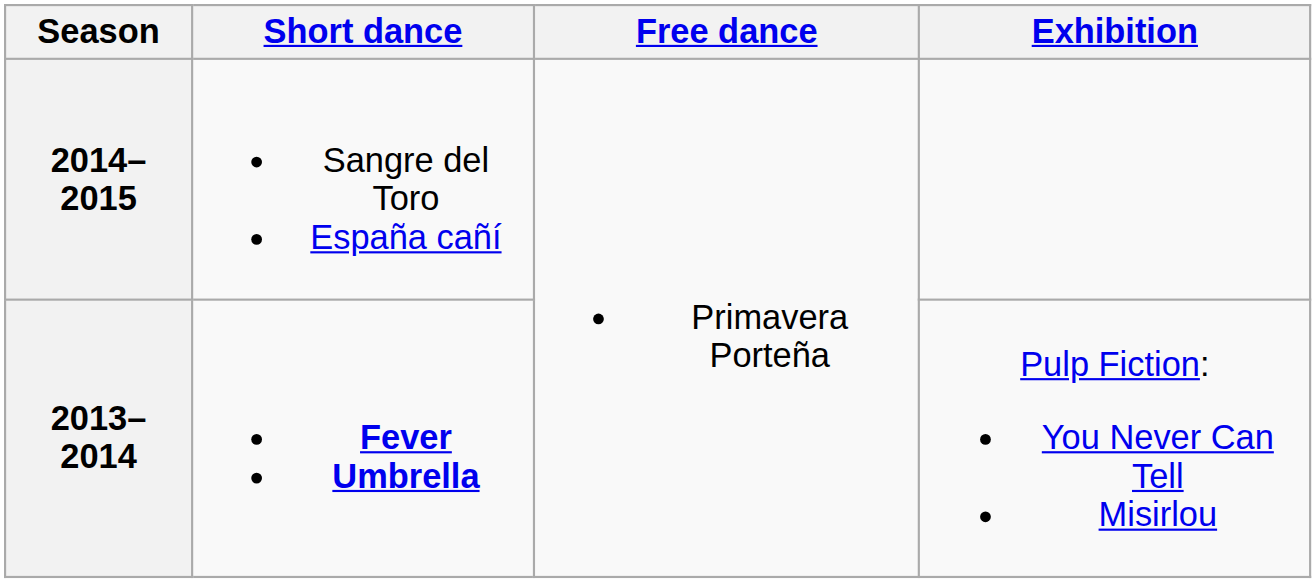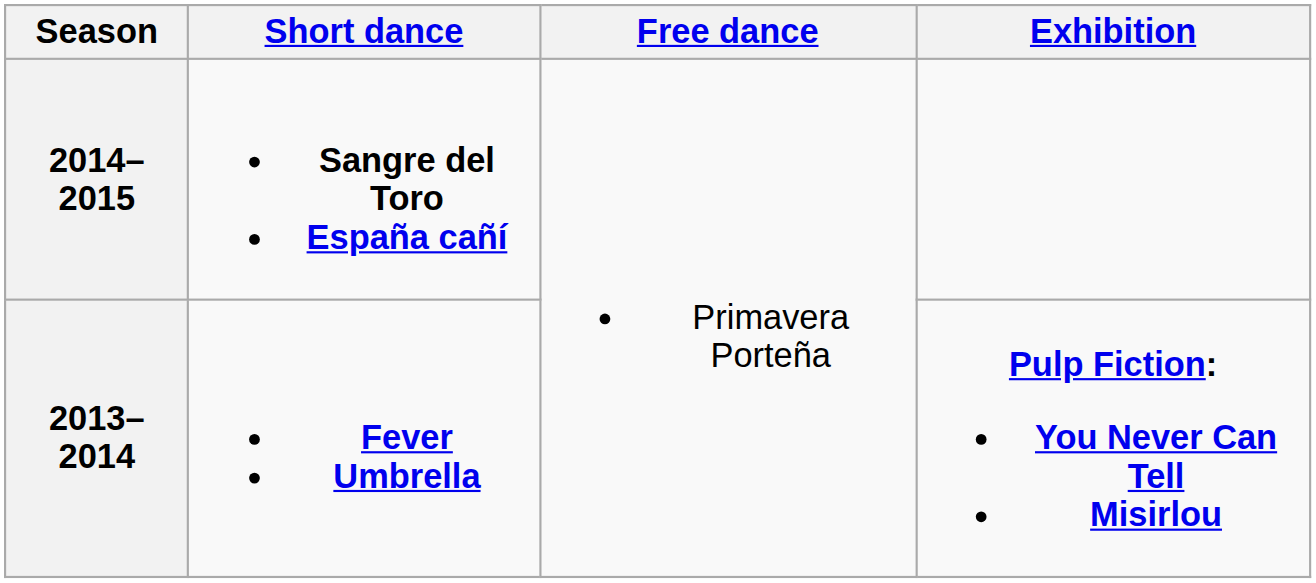 <table class=wikitable style=text-align:center>
 <tr>
 <th>Season</th>
 <th><a href='#'>Short dance</a></th>
 <th><a href='#'>Free dance</a></th>
 <th><a href='#'>Exhibition</a></th>
 </tr>
 <tr>
 <th>2014–2015</th>
-<td><br><ul><li>Sangre del Toro <br> </li><li><a href='#'>España cañí</a> <br> </li></ul></td>
+<td><strong><br><ul><li>Sangre del Toro <br> </li><li><a href='#'>España cañí</a> <br> </li></ul></strong></td>
 <td rowspan=2><br><ul><li>Primavera Porteña <br> </li></ul></td>
 <td></td>
 </tr>
 <tr>
 <th>2013–2014</th>
 <td><strong><br><ul><li><a href='#'>Fever</a> <br> </li><li><a href='#'>Umbrella</a> <br> </li></ul></strong></td>
-<td><br><a href='#'>Pulp Fiction</a>:<ul><li><a href='#'>You Never Can Tell</a> <br> </li><li><a href='#'>Misirlou</a> <br> </li></ul></td>
+<td><strong><br><a href='#'>Pulp Fiction</a>:<ul><li><a href='#'>You Never Can Tell</a> <br> </li><li><a href='#'>Misirlou</a> <br> </li></ul></strong></td>
 </tr>
 </table>
